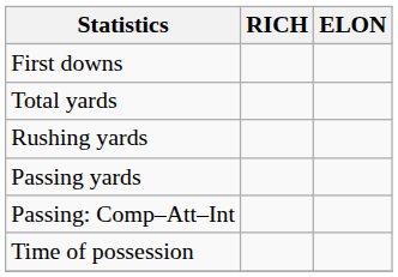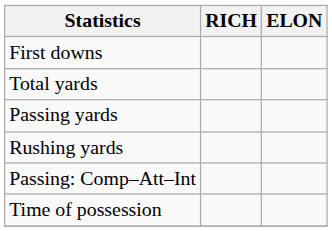 <table class="wikitable" style="float: left;">
 <tr>
 <th>Statistics</th>
 <th>RICH</th>
 <th>ELON</th>
 </tr>
 <tr>
 <td>First downs</td>
 <td></td>
 <td></td>
 </tr>
 <tr>
 <td>Total yards</td>
 <td></td>
 <td></td>
 </tr>
 <tr>
-<td>Rushing yards</td>
+<td>Passing yards</td>
 <td></td>
 <td></td>
 </tr>
 <tr>
-<td>Passing yards</td>
+<td>Rushing yards</td>
 <td></td>
 <td></td>
 </tr>
 <tr>
 <td>Passing: Comp–Att–Int</td>
 <td></td>
 <td></td>
 </tr>
 <tr>
 <td>Time of possession</td>
 <td></td>
 <td></td>
 </tr>
 <tr>
 </tr>
 </table>
